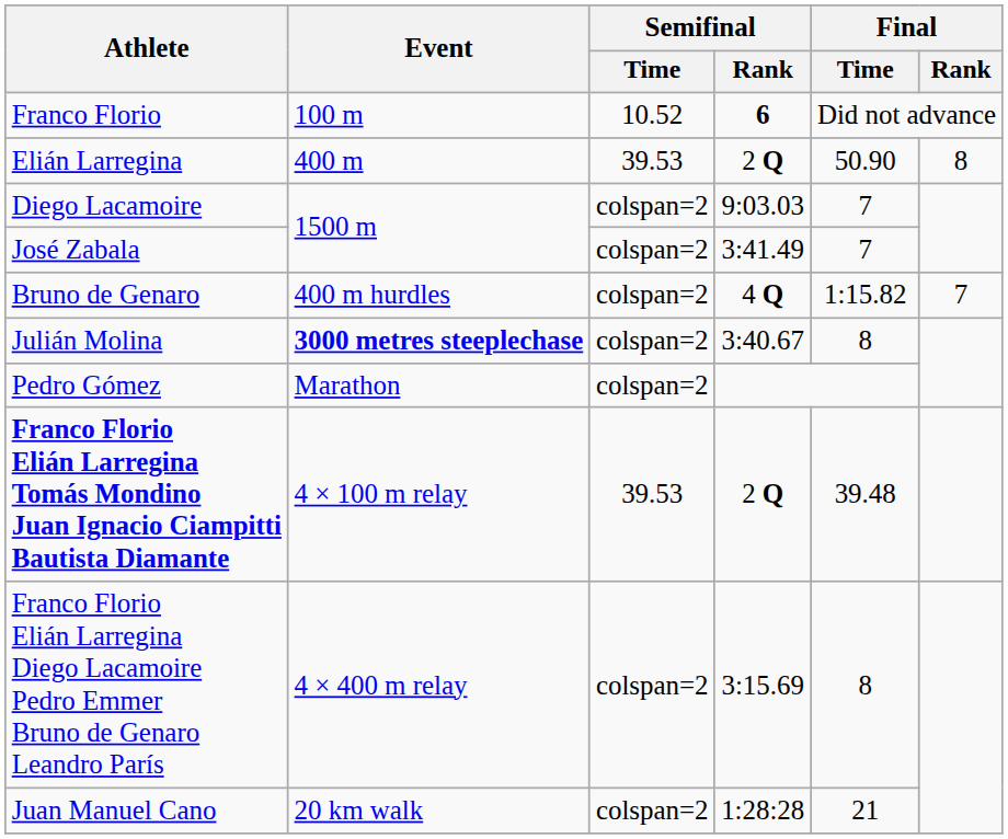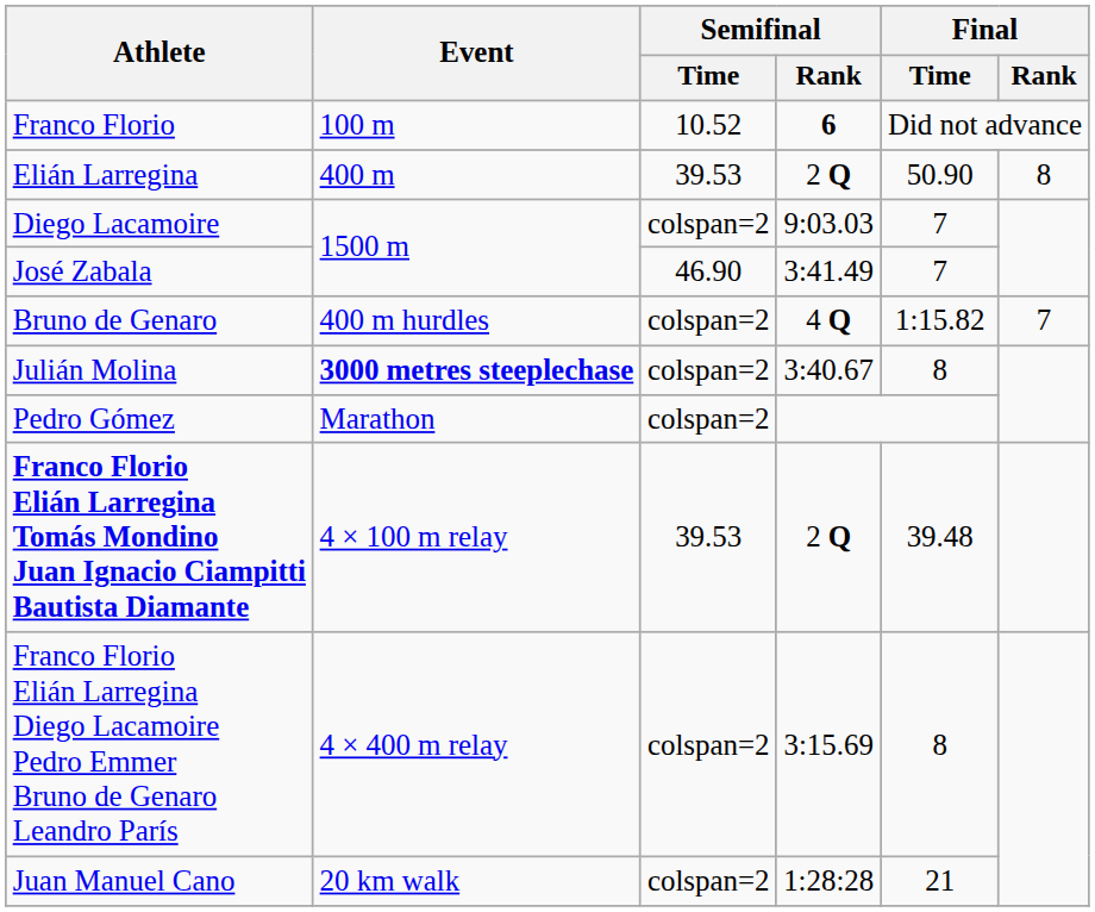 <table class=wikitable style=font-size:90%;text-align:center>
 <tr>
 <th rowspan=2>Athlete</th>
 <th rowspan=2>Event</th>
 <th colspan=2>Semifinal</th>
 <th colspan=2>Final</th>
 </tr>
 <tr style=font-size:95%>
 <th>Time</th>
 <th>Rank</th>
 <th>Time</th>
 <th>Rank</th>
 </tr>
 <tr>
 <td align=left><a href='#'>Franco Florio</a></td>
 <td align=left><a href='#'>100 m</a></td>
 <td>10.52</td>
 <td><strong>6</strong></td>
 <td colspan=2>Did not advance</td>
 </tr>
 <tr>
 <td align=left><a href='#'>Elián Larregina</a></td>
 <td align=left><a href='#'>400 m</a></td>
 <td>39.53</td>
 <td>2 <strong>Q</strong></td>
 <td>50.90</td>
 <td>8</td>
 </tr>
 <tr>
 <td align=left><a href='#'>Diego Lacamoire</a></td>
 <td align=left rowspan=2><a href='#'>1500 m</a></td>
 <td>colspan=2 </td>
 <td>9:03.03</td>
 <td>7</td>
 </tr>
 <tr>
 <td align=left><a href='#'>José Zabala</a></td>
-<td>colspan=2 </td>
+<td>46.90</td>
 <td>3:41.49</td>
 <td>7</td>
 </tr>
 <tr>
 <td align=left><a href='#'>Bruno de Genaro</a></td>
 <td align=left><a href='#'>400 m hurdles</a></td>
 <td>colspan=2 </td>
 <td>4 <strong>Q</strong></td>
 <td>1:15.82</td>
 <td>7</td>
 </tr>
 <tr>
 <td align=left><a href='#'>Julián Molina</a></td>
 <td align=left><strong><a href='#'>3000 metres steeplechase</a></strong></td>
 <td>colspan=2 </td>
 <td>3:40.67</td>
 <td>8</td>
 </tr>
 <tr>
 <td align=left><a href='#'>Pedro Gómez</a></td>
 <td align=left><a href='#'>Marathon</a></td>
 <td>colspan=2 </td>
 <td colspan=2><s></s></td>
 </tr>
 <tr>
 <td align=left><strong><a href='#'>Franco Florio</a><br><a href='#'>Elián Larregina</a><br><a href='#'>Tomás Mondino</a><br><a href='#'>Juan Ignacio Ciampitti</a><br><a href='#'>Bautista Diamante</a></strong></td>
 <td align=left><a href='#'>4 × 100 m relay</a></td>
 <td>39.53</td>
 <td>2 <strong>Q</strong></td>
 <td>39.48</td>
 <td></td>
 </tr>
 <tr>
 <td align=left><a href='#'>Franco Florio</a><br><a href='#'>Elián Larregina</a><br><a href='#'>Diego Lacamoire</a><br><a href='#'>Pedro Emmer</a><br><a href='#'>Bruno de Genaro</a><br><a href='#'>Leandro París</a></td>
 <td align=left><a href='#'>4 × 400 m relay</a></td>
 <td>colspan=2 </td>
 <td>3:15.69</td>
 <td>8</td>
 </tr>
 <tr>
 <td align=left><a href='#'>Juan Manuel Cano</a></td>
 <td align=left rowspan=2><a href='#'>20 km walk</a></td>
 <td>colspan=2 </td>
 <td>1:28:28</td>
 <td>21</td>
 </tr>
 </table>
